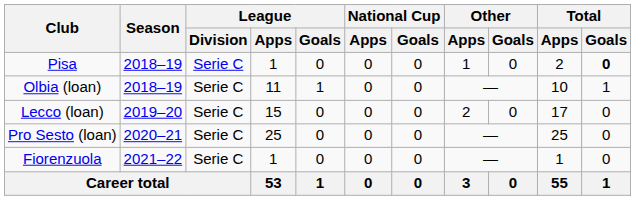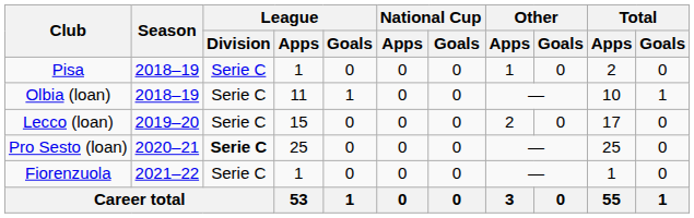 <table class="wikitable" style="text-align:center">
 <tr>
 <th rowspan="2">Club</th>
 <th rowspan="2">Season</th>
 <th colspan="3">League</th>
 <th colspan="2">National Cup</th>
 <th colspan="2">Other</th>
 <th colspan="2">Total</th>
 </tr>
 <tr>
 <th>Division</th>
 <th>Apps</th>
 <th>Goals</th>
 <th>Apps</th>
 <th>Goals</th>
 <th>Apps</th>
 <th>Goals</th>
 <th>Apps</th>
 <th>Goals</th>
 </tr>
 <tr>
 <td><a href='#'>Pisa</a></td>
 <td><a href='#'>2018–19</a></td>
 <td><a href='#'>Serie C</a></td>
 <td>1</td>
 <td>0</td>
 <td>0</td>
 <td>0</td>
 <td>1</td>
 <td>0</td>
 <td>2</td>
-<td><strong>0</strong></td>
+<td>0</td>
 </tr>
 <tr>
 <td><a href='#'>Olbia</a> (loan)</td>
 <td><a href='#'>2018–19</a></td>
 <td>Serie C</td>
 <td>11</td>
 <td>1</td>
 <td>0</td>
 <td>0</td>
 <td colspan="2">—</td>
 <td>10</td>
 <td>1</td>
 </tr>
 <tr>
 <td><a href='#'>Lecco</a> (loan)</td>
 <td><a href='#'>2019–20</a></td>
 <td>Serie C</td>
 <td>15</td>
 <td>0</td>
 <td>0</td>
 <td>0</td>
 <td>2</td>
 <td>0</td>
 <td>17</td>
 <td>0</td>
 </tr>
 <tr>
 <td><a href='#'>Pro Sesto</a> (loan)</td>
 <td><a href='#'>2020–21</a></td>
-<td>Serie C</td>
+<td><strong>Serie C</strong></td>
 <td>25</td>
 <td>0</td>
 <td>0</td>
 <td>0</td>
 <td colspan="2">—</td>
 <td>25</td>
 <td>0</td>
 </tr>
 <tr>
 <td><a href='#'>Fiorenzuola</a></td>
 <td><a href='#'>2021–22</a></td>
 <td>Serie C</td>
 <td>1</td>
 <td>0</td>
 <td>0</td>
 <td>0</td>
 <td colspan="2">—</td>
 <td>1</td>
 <td>0</td>
 </tr>
 <tr>
 <th colspan="3">Career total</th>
 <th>53</th>
 <th>1</th>
 <th>0</th>
 <th>0</th>
 <th>3</th>
 <th>0</th>
 <th>55</th>
 <th>1</th>
 </tr>
 </table>
